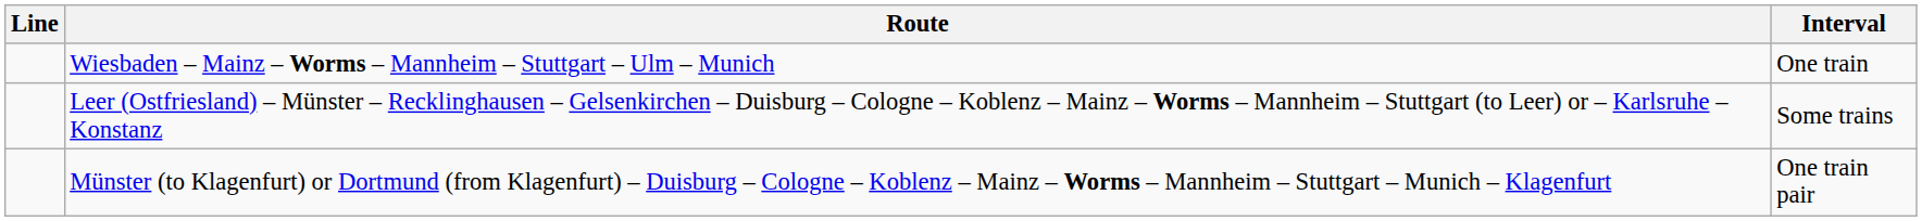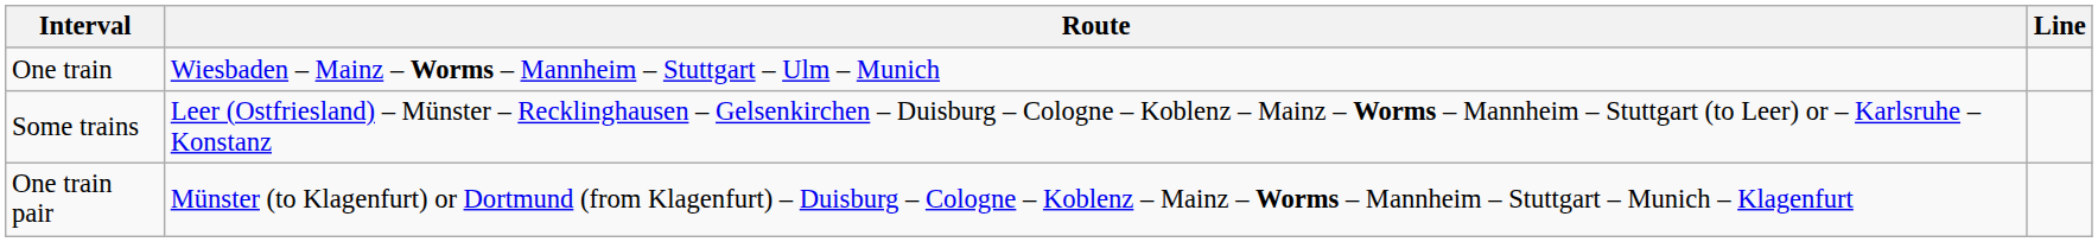 <table class="wikitable">
 <tr>
+<th>Interval</th>
+<th>Route</th>
 <th>Line</th>
-<th>Route</th>
-<th>Interval</th>
 </tr>
 <tr>
+<td>One train</td>
+<td><a href='#'>Wiesbaden</a> – <a href='#'>Mainz</a> – <strong>Worms</strong> – <a href='#'>Mannheim</a> – <a href='#'>Stuttgart</a> – <a href='#'>Ulm</a> – <a href='#'>Munich</a></td>
 <td></td>
-<td><a href='#'>Wiesbaden</a> – <a href='#'>Mainz</a> – <strong>Worms</strong> – <a href='#'>Mannheim</a> – <a href='#'>Stuttgart</a> – <a href='#'>Ulm</a> – <a href='#'>Munich</a></td>
-<td>One train</td>
 </tr>
 <tr>
+<td>Some trains</td>
+<td><a href='#'>Leer (Ostfriesland)</a> – Münster – <a href='#'>Recklinghausen</a> – <a href='#'>Gelsenkirchen</a> – Duisburg – Cologne – Koblenz – Mainz – <strong>Worms</strong> – Mannheim – Stuttgart (to Leer) or – <a href='#'>Karlsruhe</a> – <a href='#'>Konstanz</a></td>
 <td></td>
-<td><a href='#'>Leer (Ostfriesland)</a> – Münster – <a href='#'>Recklinghausen</a> – <a href='#'>Gelsenkirchen</a> – Duisburg – Cologne – Koblenz – Mainz – <strong>Worms</strong> – Mannheim – Stuttgart (to Leer) or – <a href='#'>Karlsruhe</a> – <a href='#'>Konstanz</a></td>
-<td>Some trains</td>
 </tr>
 <tr>
+<td>One train pair</td>
+<td><a href='#'>Münster</a> (to Klagenfurt) or <a href='#'>Dortmund</a> (from Klagenfurt) – <a href='#'>Duisburg</a> – <a href='#'>Cologne</a> – <a href='#'>Koblenz</a> – Mainz – <strong>Worms</strong> – Mannheim – Stuttgart – Munich – <a href='#'>Klagenfurt</a></td>
 <td></td>
-<td><a href='#'>Münster</a> (to Klagenfurt) or <a href='#'>Dortmund</a> (from Klagenfurt) – <a href='#'>Duisburg</a> – <a href='#'>Cologne</a> – <a href='#'>Koblenz</a> – Mainz – <strong>Worms</strong> – Mannheim – Stuttgart – Munich – <a href='#'>Klagenfurt</a></td>
-<td>One train pair</td>
 </tr>
 </table>
